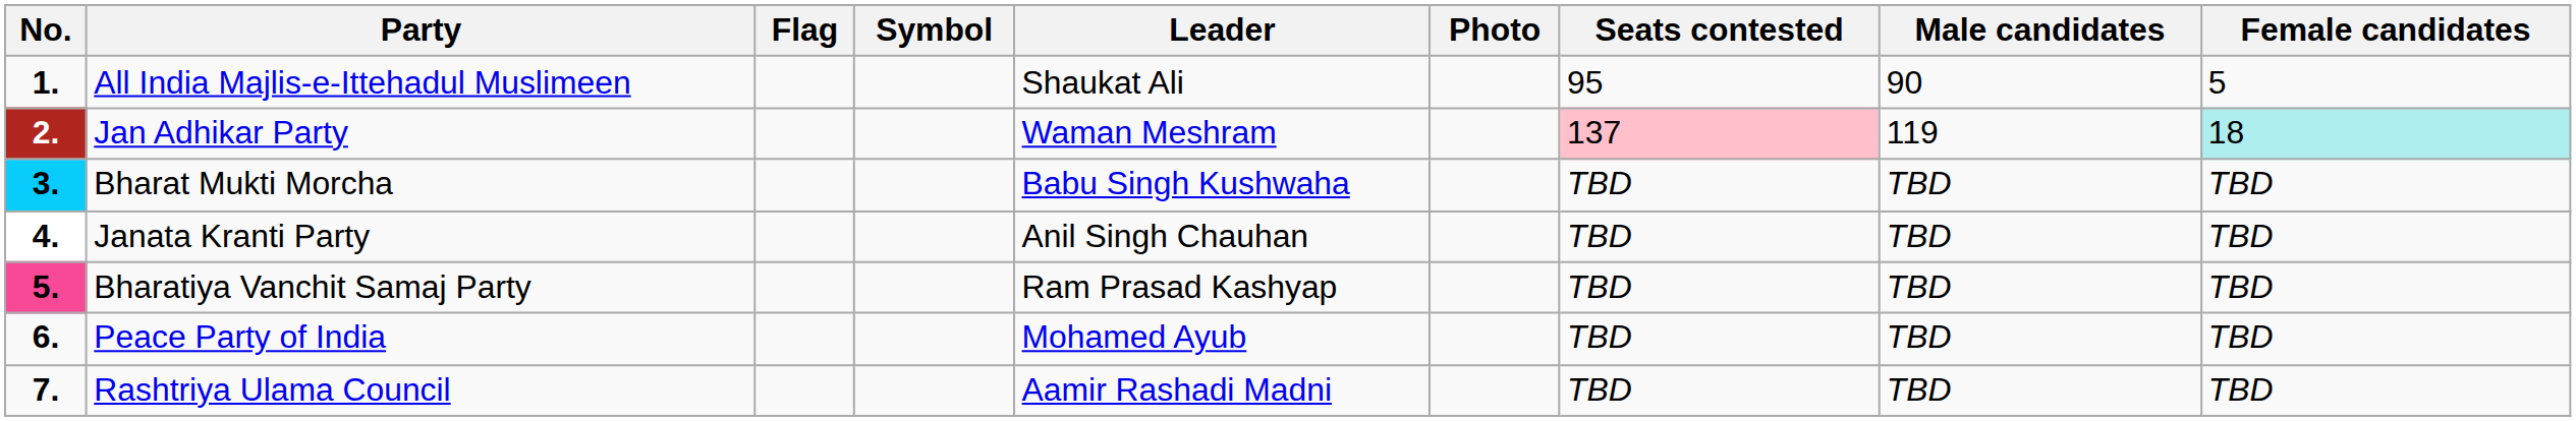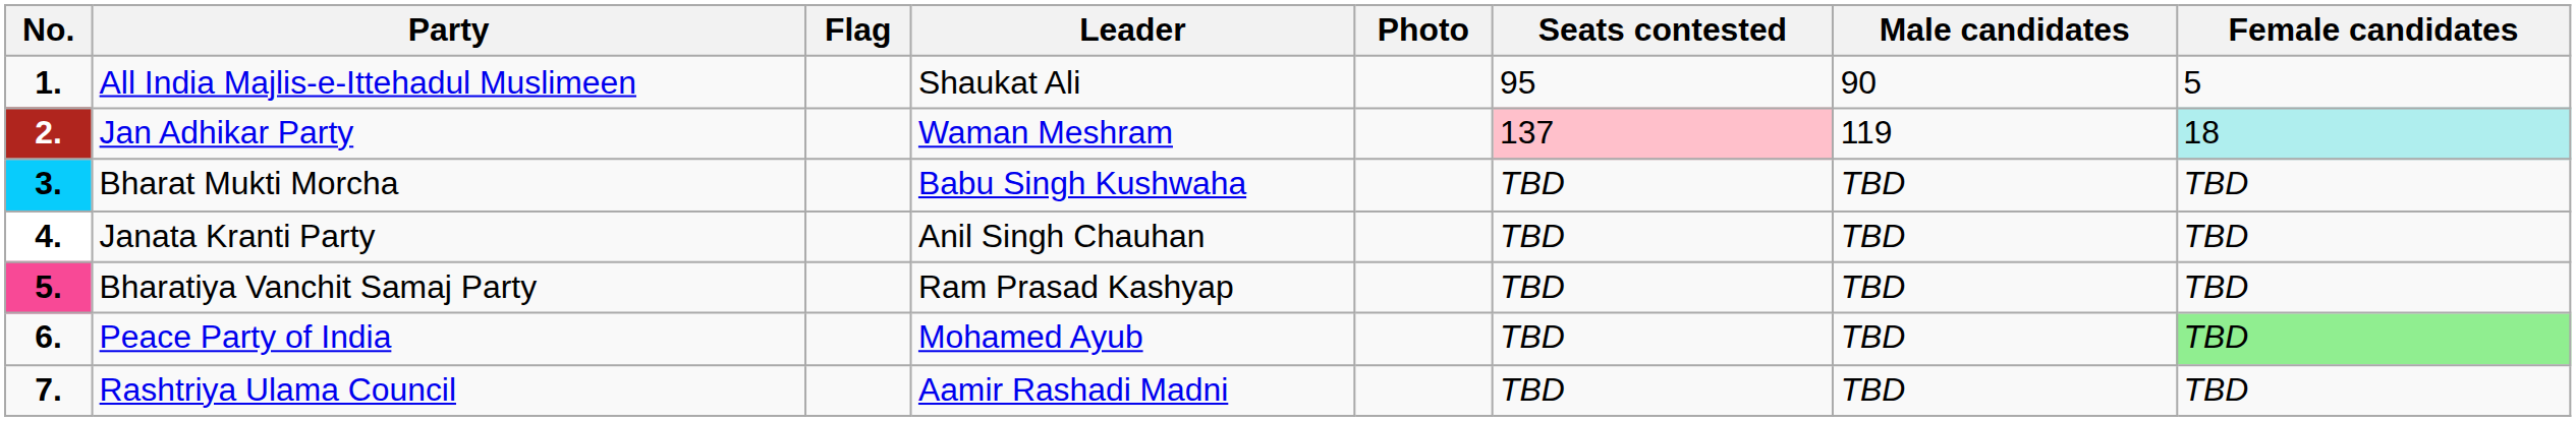 <table class="wikitable" style="width:80%">
 <tr>
 <th>No.</th>
 <th>Party</th>
 <th>Flag</th>
-<th>Symbol</th>
 <th>Leader</th>
 <th>Photo</th>
 <th>Seats contested</th>
 <th>Male candidates</th>
 <th>Female candidates</th>
 </tr>
 <tr>
 <td style="text-align:center; background:"><strong>1.</strong></td>
 <td><a href='#'>All India Majlis-e-Ittehadul Muslimeen</a></td>
-<td></td>
 <td></td>
 <td>Shaukat Ali</td>
 <td></td>
 <td>95</td>
 <td>90</td>
 <td>5</td>
 </tr>
 <tr>
 <td style="text-align:center; background:#b0251e;color:white" !><strong>2.</strong></td>
 <td><a href='#'>Jan Adhikar Party</a></td>
 <td></td>
-<td></td>
 <td><a href='#'>Waman Meshram</a></td>
 <td></td>
 <td style="background: pink;">137</td>
 <td>119</td>
 <td style="background: paleturquoise;">18</td>
 </tr>
 <tr>
 <td style="text-align:center; background:#08ccfc;color:black" !><strong>3.</strong></td>
 <td>Bharat Mukti Morcha</td>
-<td></td>
 <td></td>
 <td><a href='#'>Babu Singh Kushwaha</a></td>
 <td></td>
 <td><em>TBD</em></td>
 <td><em>TBD</em></td>
 <td><em>TBD</em></td>
 </tr>
 <tr>
 <td style="text-align:center; background:white;color:black" !><strong>4.</strong></td>
 <td>Janata Kranti Party</td>
 <td></td>
-<td></td>
 <td>Anil Singh Chauhan</td>
 <td></td>
 <td><em>TBD</em></td>
 <td><em>TBD</em></td>
 <td><em>TBD</em></td>
 </tr>
 <tr>
 <td style="text-align:center; background:#f84996;color:black !"><strong>5.</strong></td>
 <td>Bharatiya Vanchit Samaj Party</td>
-<td></td>
 <td></td>
 <td>Ram Prasad Kashyap</td>
 <td></td>
 <td><em>TBD</em></td>
 <td><em>TBD</em></td>
 <td><em>TBD</em></td>
 </tr>
 <tr>
 <td style="text-align:center; background:"><strong>6.</strong></td>
 <td><a href='#'>Peace Party of India</a></td>
 <td></td>
-<td></td>
 <td><a href='#'>Mohamed Ayub</a></td>
 <td></td>
 <td><em>TBD</em></td>
 <td><em>TBD</em></td>
-<td><em>TBD</em></td>
+<td style="background: lightgreen;"><em>TBD</em></td>
 </tr>
 <tr>
 <td style="text-align:center; background:"><strong>7.</strong></td>
 <td><a href='#'>Rashtriya Ulama Council</a></td>
-<td></td>
 <td></td>
 <td><a href='#'>Aamir Rashadi Madni</a></td>
 <td></td>
 <td><em>TBD</em></td>
 <td><em>TBD</em></td>
 <td><em>TBD</em></td>
 </tr>
 </table>
